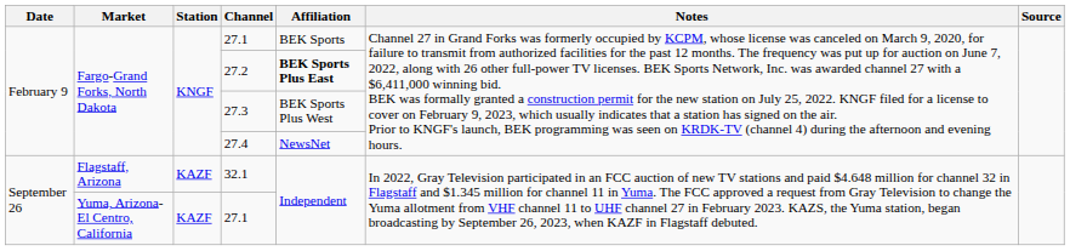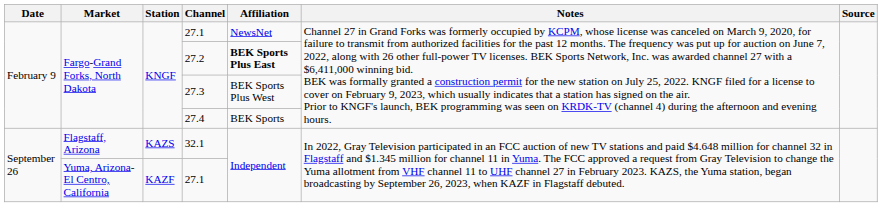 <table class="wikitable">
 <tr>
 <th>Date</th>
 <th>Market</th>
 <th>Station</th>
 <th>Channel</th>
 <th>Affiliation</th>
 <th>Notes</th>
 <th>Source</th>
 </tr>
 <tr>
 <td rowspan="4">February 9</td>
 <td rowspan="4'"><a href='#'>Fargo</a>-<a href='#'>Grand Forks, North Dakota</a></td>
 <td rowspan="4"><a href='#'>KNGF</a></td>
 <td>27.1</td>
-<td>BEK Sports</td>
+<td><a href='#'>NewsNet</a></td>
 <td rowspan="4">Channel 27 in Grand Forks was formerly occupied by <a href='#'>KCPM</a>, whose license was canceled on March 9, 2020, for failure to transmit from authorized facilities for the past 12 months. The frequency was put up for auction on June 7, 2022, along with 26 other full-power TV licenses. BEK Sports Network, Inc. was awarded channel 27 with a $6,411,000 winning bid.<br>BEK was formally granted a <a href='#'>construction permit</a> for the new station on July 25, 2022. KNGF filed for a license to cover on February 9, 2023, which usually indicates that a station has signed on the air.<br>Prior to KNGF's launch, BEK programming was seen on <a href='#'>KRDK-TV</a> (channel 4) during the afternoon and evening hours.</td>
 <td rowspan=4><br><br></td>
 </tr>
 <tr>
 <td>27.2</td>
 <td><strong>BEK Sports Plus East</strong></td>
 </tr>
 <tr>
 <td>27.3</td>
 <td>BEK Sports Plus West</td>
 </tr>
 <tr>
 <td>27.4</td>
-<td><a href='#'>NewsNet</a></td>
+<td>BEK Sports</td>
 </tr>
 <tr>
 <td rowspan="2">September 26</td>
 <td><a href='#'>Flagstaff, Arizona</a></td>
-<td><a href='#'>KAZF</a></td>
+<td><a href='#'>KAZS</a></td>
 <td>32.1</td>
 <td rowspan="2"><a href='#'>Independent</a></td>
 <td rowspan="2">In 2022, Gray Television participated in an FCC auction of new TV stations and paid $4.648 million for channel 32 in <a href='#'>Flagstaff</a> and $1.345 million for channel 11 in <a href='#'>Yuma</a>. The FCC approved a request from Gray Television to change the Yuma allotment from <a href='#'>VHF</a> channel 11 to <a href='#'>UHF</a> channel 27 in February 2023. KAZS, the Yuma station, began broadcasting by September 26, 2023, when KAZF in Flagstaff debuted.</td>
 <td rowspan=10><br></td>
 </tr>
 <tr>
 <td><a href='#'>Yuma, Arizona</a>-<a href='#'>El Centro, California</a></td>
 <td><a href='#'>KAZF</a></td>
 <td>27.1</td>
 </tr>
 </table>
